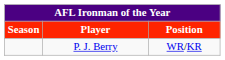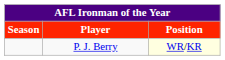 <table class="wikitable sortable" style="text-align:center">
 <tr>
 <td colspan="4" style="background:#4B0082; color:white;"><strong>AFL Ironman of the Year</strong></td>
 </tr>
 <tr>
 <th style="width:50px; background:#FF2400; color:white;">Season</th>
 <th style="width:150px; background:#FF2400; color:white;">Player</th>
 <th style="width:100px; background:#FF2400; color:white;">Position</th>
 </tr>
 <tr>
 <td></td>
 <td><a href='#'>P. J. Berry</a></td>
-<td><a href='#'>WR</a>/<a href='#'>KR</a></td>
+<td style="background: lightyellow;"><a href='#'>WR</a>/<a href='#'>KR</a></td>
 </tr>
 </table>
